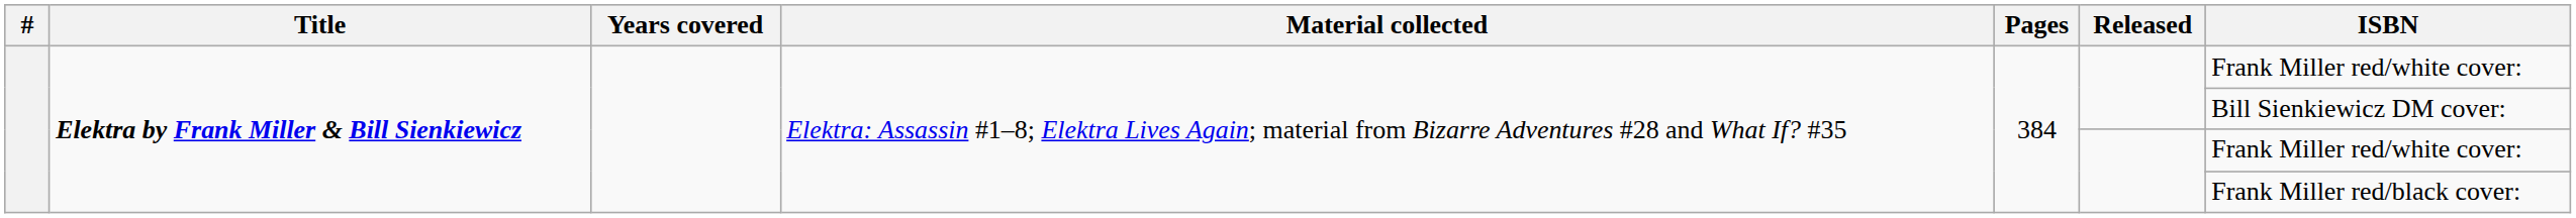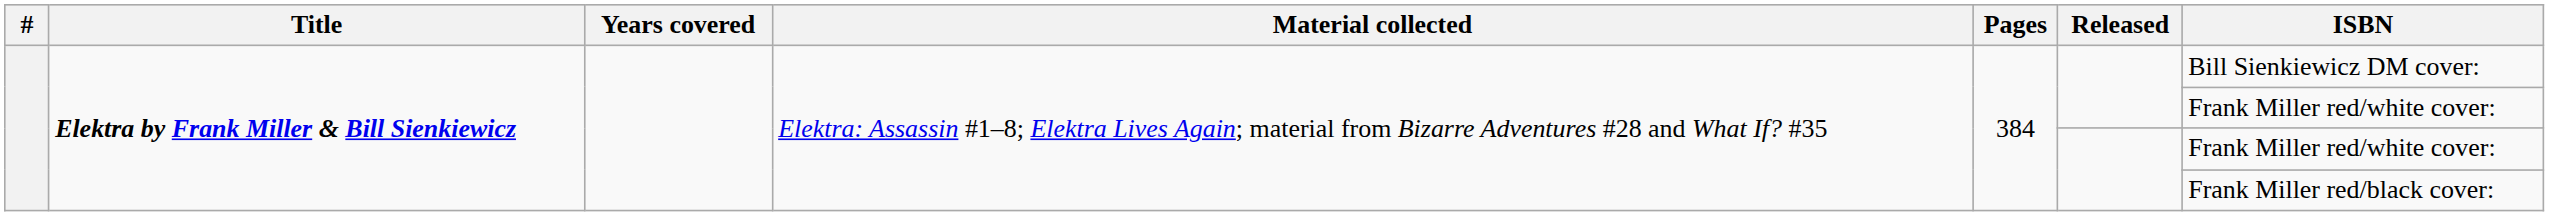 <table class="wikitable sortable" width="99%">
 <tr>
 <th class="unsortable" width="20px">#</th>
 <th>Title</th>
 <th>Years covered</th>
 <th class="unsortable">Material collected</th>
 <th>Pages</th>
 <th>Released</th>
 <th class="unsortable">ISBN</th>
 </tr>
 <tr>
 <th rowspan="4" style="background-color: light grey;"></th>
 <td rowspan="4"><strong><em>Elektra by <a href='#'>Frank Miller</a> & <a href='#'>Bill Sienkiewicz</a></em></strong></td>
 <td rowspan="4"></td>
 <td rowspan="4"><em><a href='#'>Elektra: Assassin</a></em> #1–8; <em><a href='#'>Elektra Lives Again</a></em>; material from <em>Bizarre Adventures</em> #28 and <em>What If?</em> #35</td>
 <td rowspan="4" style="text-align: center;">384</td>
 <td rowspan="2"></td>
-<td>Frank Miller red/white cover: </td>
+<td>Bill Sienkiewicz DM cover: </td>
 </tr>
 <tr>
-<td>Bill Sienkiewicz DM cover: </td>
+<td>Frank Miller red/white cover: </td>
 </tr>
 <tr>
 <td rowspan="2"></td>
 <td>Frank Miller red/white cover: </td>
 </tr>
 <tr>
 <td>Frank Miller red/black cover: </td>
 </tr>
 </table>
